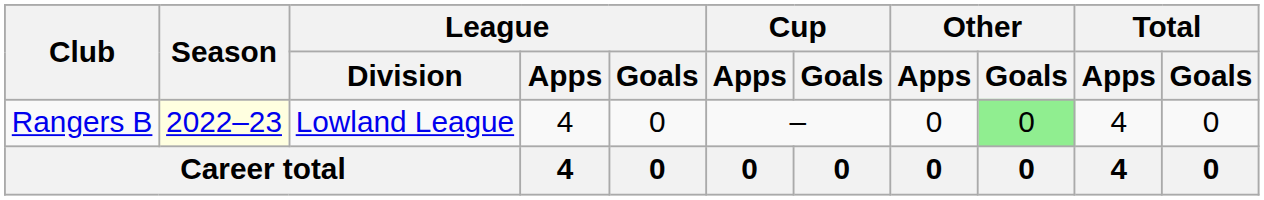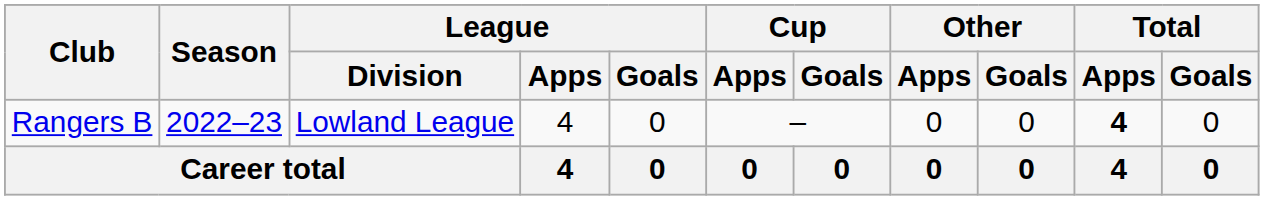 <table class="wikitable" style="text-align: center">
 <tr>
 <th rowspan=2>Club</th>
 <th rowspan=2>Season</th>
 <th colspan=3>League</th>
 <th colspan=2>Cup</th>
 <th colspan=2>Other</th>
 <th colspan=2>Total</th>
 </tr>
 <tr>
 <th>Division</th>
 <th>Apps</th>
 <th>Goals</th>
 <th>Apps</th>
 <th>Goals</th>
 <th>Apps</th>
 <th>Goals</th>
 <th>Apps</th>
 <th>Goals</th>
 </tr>
 <tr>
 <td><a href='#'>Rangers B</a></td>
-<td style="background: lightyellow;"><a href='#'>2022–23</a></td>
+<td><a href='#'>2022–23</a></td>
 <td><a href='#'>Lowland League</a></td>
 <td>4</td>
 <td>0</td>
 <td colspan="2">–</td>
 <td>0</td>
-<td style="background: lightgreen;">0</td>
-<td>4</td>
+<td>0</td>
+<td><strong>4</strong></td>
 <td>0</td>
 </tr>
 <tr>
 <th colspan="3"><strong>Career total</strong></th>
 <th>4</th>
 <th>0</th>
 <th>0</th>
 <th>0</th>
 <th>0</th>
 <th>0</th>
 <th>4</th>
 <th>0</th>
 </tr>
 </table>
